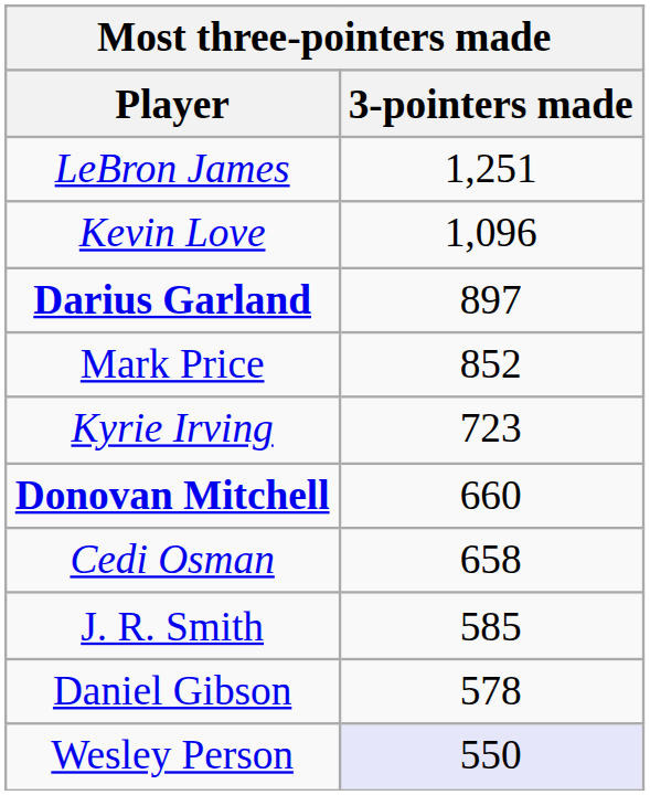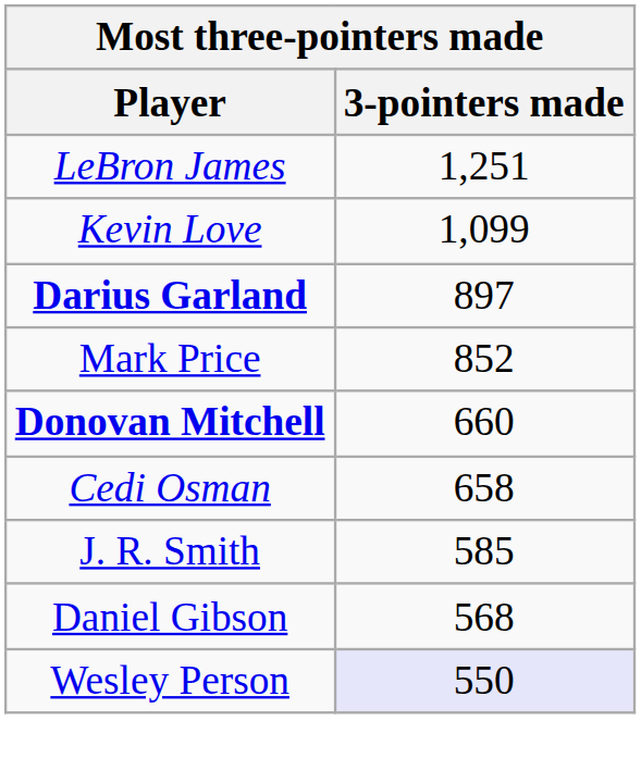 <table class="wikitable sortable" style="text-align:center">
 <tr>
 <th colspan="2" style="text-align:center; ">Most three-pointers made</th>
 </tr>
 <tr>
 <th style="text-align:center; ">Player</th>
 <th style="text-align:center; ">3-pointers made</th>
 </tr>
 <tr>
 <td><em><a href='#'>LeBron James</a></em></td>
 <td>1,251</td>
 </tr>
 <tr>
 <td><em><a href='#'>Kevin Love</a></em></td>
-<td>1,096</td>
+<td>1,099</td>
 </tr>
 <tr>
 <td><strong><a href='#'>Darius Garland</a></strong></td>
 <td>897</td>
 </tr>
 <tr>
 <td><a href='#'>Mark Price</a></td>
 <td>852</td>
-</tr>
-<tr>
-<td><em><a href='#'>Kyrie Irving</a></em></td>
-<td>723</td>
 </tr>
 <tr>
 <td><strong><a href='#'>Donovan Mitchell</a></strong></td>
 <td>660</td>
 </tr>
 <tr>
 <td><em><a href='#'>Cedi Osman</a></em></td>
 <td>658</td>
 </tr>
 <tr>
 <td><a href='#'>J. R. Smith</a></td>
 <td>585</td>
 </tr>
 <tr>
 <td><a href='#'>Daniel Gibson</a></td>
-<td>578</td>
+<td>568</td>
 </tr>
 <tr>
 <td><a href='#'>Wesley Person</a></td>
 <td style="background: lavender;">550</td>
 </tr>
 </table>
